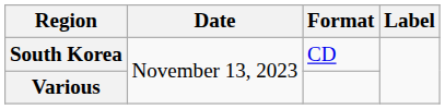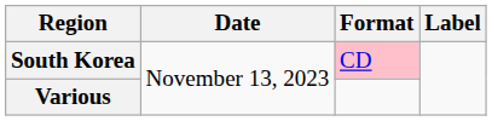 <table class="wikitable plainrowheaders">
 <tr>
 <th scope="col">Region</th>
 <th scope="col">Date</th>
 <th scope="col">Format</th>
 <th scope="col">Label</th>
 </tr>
 <tr>
 <th scope="row">South Korea</th>
 <td rowspan="2">November 13, 2023</td>
-<td><a href='#'>CD</a> </td>
+<td style="background: pink;"><a href='#'>CD</a> </td>
 <td rowspan="2"></td>
 </tr>
 <tr>
 <th scope="row">Various </th>
 <td></td>
 </tr>
 </table>
